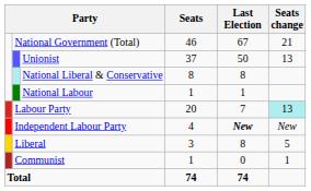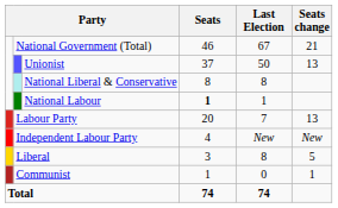 <table class="wikitable sortable">
 <tr>
 <th style="width:200px" colspan=3>Party</th>
 <th style="width:70px;">Seats</th>
 <th style="width:70px;">Last Election</th>
 <th style="width:40px;">Seats change</th>
 </tr>
 <tr>
 <td rowspan= 4> </td>
 <td colspan=2><a href='#'>National Government</a> (Total)</td>
 <td align=center>46</td>
 <td align=center>67</td>
 <td align=center> 21</td>
 </tr>
 <tr>
 <td style="background-color:#5555FF"> </td>
 <td><a href='#'>Unionist</a></td>
 <td align="center">37</td>
 <td align=center>50</td>
 <td align="center"> 13</td>
 </tr>
 <tr>
 <td style="background-color:#AFEEEE"> </td>
 <td><a href='#'>National Liberal</a> & <a href='#'>Conservative</a></td>
 <td align="center">8</td>
 <td align=center>8</td>
 <td align="center"></td>
 </tr>
 <tr>
 <td style="background-color:#008000"> </td>
 <td><a href='#'>National Labour</a></td>
-<td align="center">1</td>
+<td align="center"><strong>1</strong></td>
 <td align=center>1</td>
 <td align="center"></td>
 </tr>
 <tr>
 <td style="background-color:#DC241f"> </td>
 <td colspan=2><a href='#'>Labour Party</a></td>
 <td align=center>20</td>
 <td align=center>7</td>
-<td align=center style="background: paleturquoise;"> 13</td>
+<td align=center> 13</td>
 </tr>
 <tr>
 <td style="background-color:#FF0000"> </td>
 <td colspan=2><a href='#'>Independent Labour Party</a></td>
 <td align="center">4</td>
-<td align=center><strong><em>New</em></strong></td>
+<td align=center><em>New</em></td>
 <td align="center"><em>New</em></td>
 </tr>
 <tr>
 <td style="background-color:#FFD700"> </td>
 <td colspan=2><a href='#'>Liberal</a></td>
 <td align=center>3</td>
 <td align=center>8</td>
 <td align=center> 5</td>
 </tr>
 <tr>
 <td style="background-color:#B22222"> </td>
 <td colspan=2><a href='#'>Communist</a></td>
 <td align=center>1</td>
 <td align=center>0</td>
 <td align=center> 1</td>
 </tr>
 <tr>
 <td colspan=3><strong>Total</strong></td>
 <td align=center><strong>74</strong></td>
 <td align=center><strong>74</strong></td>
 <td align=center></td>
 </tr>
 </table>
